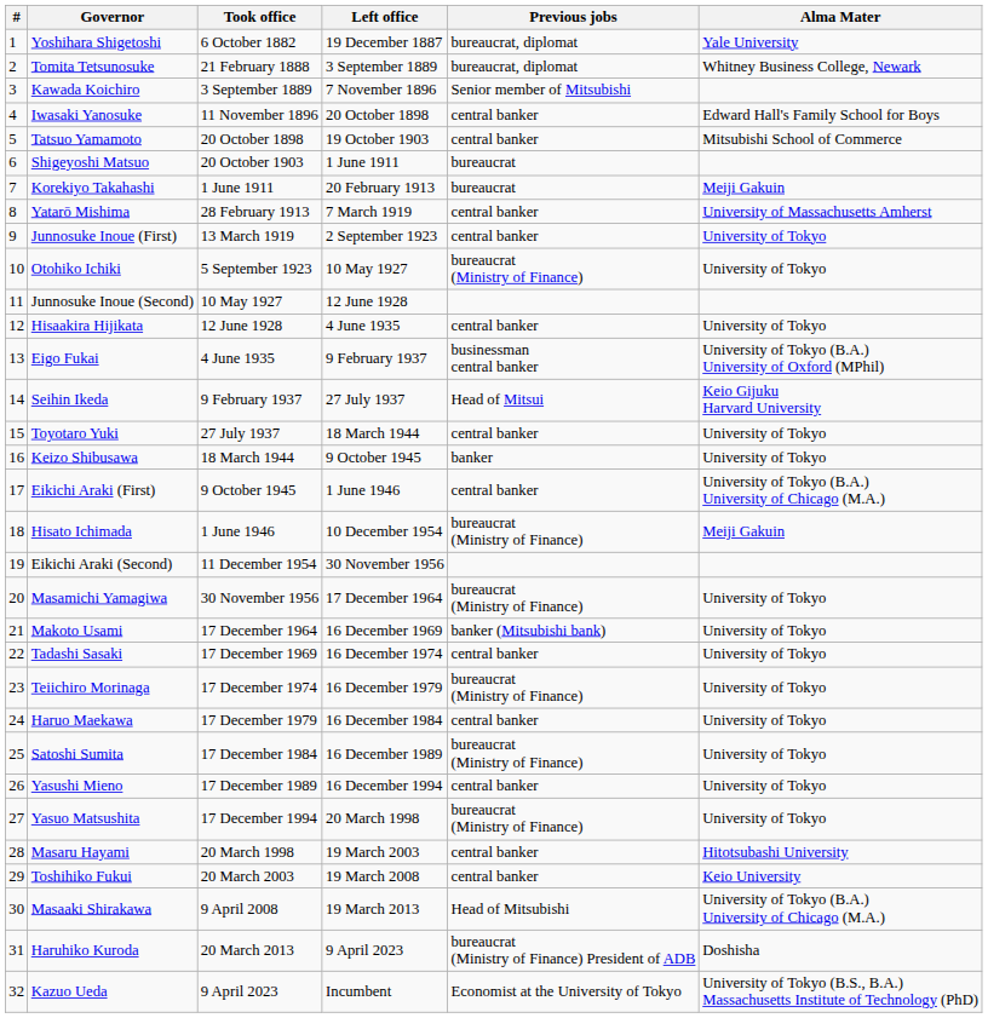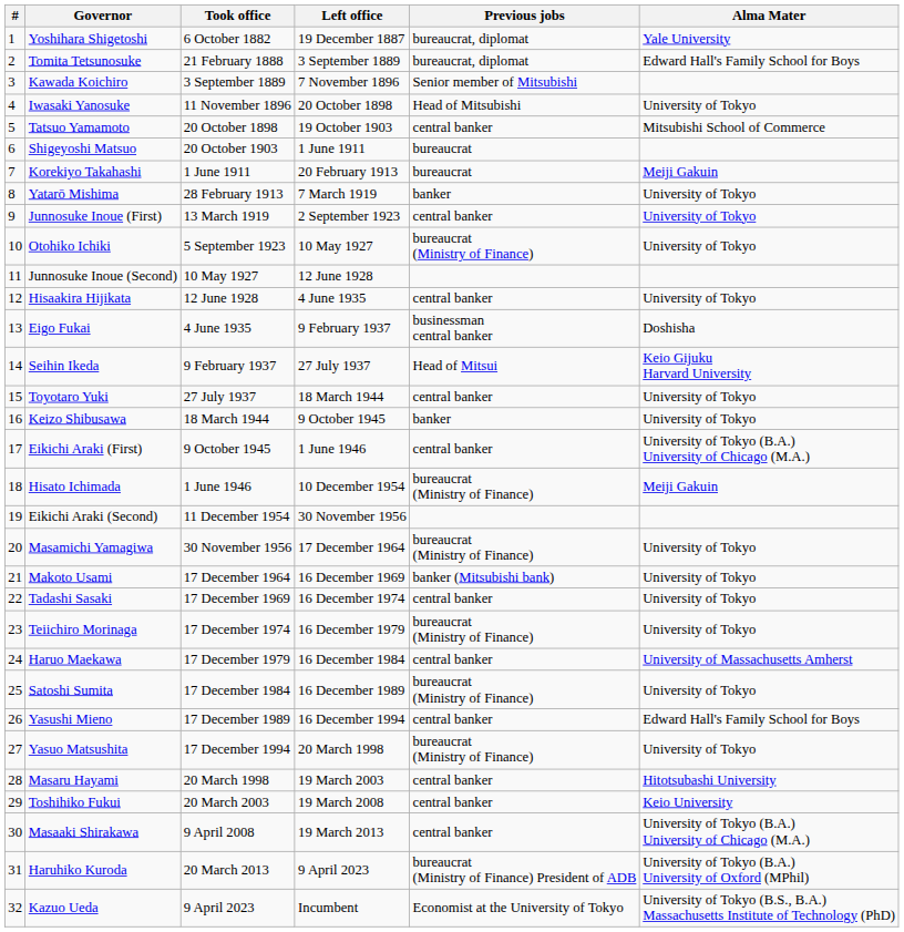 <table class="wikitable sortable">
 <tr>
 <th>#</th>
 <th>Governor</th>
 <th>Took office</th>
 <th>Left office</th>
 <th>Previous jobs</th>
 <th>Alma Mater</th>
 </tr>
 <tr>
 <td>1</td>
 <td><a href='#'>Yoshihara Shigetoshi</a></td>
 <td>6 October 1882</td>
 <td>19 December 1887</td>
 <td>bureaucrat, diplomat</td>
 <td><a href='#'>Yale University</a></td>
 </tr>
 <tr>
 <td>2</td>
 <td><a href='#'>Tomita Tetsunosuke</a></td>
 <td>21 February 1888</td>
 <td>3 September 1889</td>
 <td>bureaucrat, diplomat</td>
-<td>Whitney Business College, <a href='#'>Newark</a></td>
+<td>Edward Hall's Family School for Boys</td>
 </tr>
 <tr>
 <td>3</td>
 <td><a href='#'>Kawada Koichiro</a></td>
 <td>3 September 1889</td>
 <td>7 November 1896</td>
 <td>Senior member of <a href='#'>Mitsubishi</a></td>
 <td></td>
 </tr>
 <tr>
 <td>4</td>
 <td><a href='#'>Iwasaki Yanosuke</a></td>
 <td>11 November 1896</td>
 <td>20 October 1898</td>
-<td>central banker</td>
-<td>Edward Hall's Family School for Boys</td>
+<td>Head of Mitsubishi</td>
+<td>University of Tokyo</td>
 </tr>
 <tr>
 <td>5</td>
 <td><a href='#'>Tatsuo Yamamoto</a></td>
 <td>20 October 1898</td>
 <td>19 October 1903</td>
 <td>central banker</td>
 <td>Mitsubishi School of Commerce</td>
 </tr>
 <tr>
 <td>6</td>
 <td><a href='#'>Shigeyoshi Matsuo</a></td>
 <td>20 October 1903</td>
 <td>1 June 1911</td>
 <td>bureaucrat</td>
 <td></td>
 </tr>
 <tr>
 <td>7</td>
 <td><a href='#'>Korekiyo Takahashi</a></td>
 <td>1 June 1911</td>
 <td>20 February 1913</td>
 <td>bureaucrat</td>
 <td><a href='#'>Meiji Gakuin</a></td>
 </tr>
 <tr>
 <td>8</td>
 <td><a href='#'>Yatarō Mishima</a></td>
 <td>28 February 1913</td>
 <td>7 March 1919</td>
-<td>central banker</td>
-<td><a href='#'>University of Massachusetts Amherst</a></td>
+<td>banker</td>
+<td>University of Tokyo</td>
 </tr>
 <tr>
 <td>9</td>
 <td><a href='#'>Junnosuke Inoue</a> (First)</td>
 <td>13 March 1919</td>
 <td>2 September 1923</td>
 <td>central banker</td>
 <td><a href='#'>University of Tokyo</a></td>
 </tr>
 <tr>
 <td>10</td>
 <td><a href='#'>Otohiko Ichiki</a></td>
 <td>5 September 1923</td>
 <td>10 May 1927</td>
 <td>bureaucrat<br>(<a href='#'>Ministry of Finance</a>)</td>
 <td>University of Tokyo</td>
 </tr>
 <tr>
 <td>11</td>
 <td>Junnosuke Inoue (Second)</td>
 <td>10 May 1927</td>
 <td>12 June 1928</td>
 <td></td>
 <td></td>
 </tr>
 <tr>
 <td>12</td>
 <td><a href='#'>Hisaakira Hijikata</a></td>
 <td>12 June 1928</td>
 <td>4 June 1935</td>
 <td>central banker</td>
 <td>University of Tokyo</td>
 </tr>
 <tr>
 <td>13</td>
 <td><a href='#'>Eigo Fukai</a></td>
 <td>4 June 1935</td>
 <td>9 February 1937</td>
 <td>businessman<br>central banker</td>
-<td>University of Tokyo (B.A.)<br><a href='#'>University of Oxford</a> (MPhil)</td>
+<td>Doshisha</td>
 </tr>
 <tr>
 <td>14</td>
 <td><a href='#'>Seihin Ikeda</a></td>
 <td>9 February 1937</td>
 <td>27 July 1937</td>
 <td>Head of <a href='#'>Mitsui</a></td>
 <td><a href='#'>Keio Gijuku</a><br><a href='#'>Harvard University</a></td>
 </tr>
 <tr>
 <td>15</td>
 <td><a href='#'>Toyotaro Yuki</a></td>
 <td>27 July 1937</td>
 <td>18 March 1944</td>
 <td>central banker</td>
 <td>University of Tokyo</td>
 </tr>
 <tr>
 <td>16</td>
 <td><a href='#'>Keizo Shibusawa</a></td>
 <td>18 March 1944</td>
 <td>9 October 1945</td>
 <td>banker</td>
 <td>University of Tokyo</td>
 </tr>
 <tr>
 <td>17</td>
 <td><a href='#'>Eikichi Araki</a> (First)</td>
 <td>9 October 1945</td>
 <td>1 June 1946</td>
 <td>central banker</td>
 <td>University of Tokyo (B.A.)<br><a href='#'>University of Chicago</a> (M.A.)</td>
 </tr>
 <tr>
 <td>18</td>
 <td><a href='#'>Hisato Ichimada</a></td>
 <td>1 June 1946</td>
 <td>10 December 1954</td>
 <td>bureaucrat<br>(Ministry of Finance)</td>
 <td><a href='#'>Meiji Gakuin</a></td>
 </tr>
 <tr>
 <td>19</td>
 <td>Eikichi Araki (Second)</td>
 <td>11 December 1954</td>
 <td>30 November 1956</td>
 <td></td>
 <td></td>
 </tr>
 <tr>
 <td>20</td>
 <td><a href='#'>Masamichi Yamagiwa</a></td>
 <td>30 November 1956</td>
 <td>17 December 1964</td>
 <td>bureaucrat<br>(Ministry of Finance)</td>
 <td>University of Tokyo</td>
 </tr>
 <tr>
 <td>21</td>
 <td><a href='#'>Makoto Usami</a></td>
 <td>17 December 1964</td>
 <td>16 December 1969</td>
 <td>banker (<a href='#'>Mitsubishi bank</a>)</td>
 <td>University of Tokyo</td>
 </tr>
 <tr>
 <td>22</td>
 <td><a href='#'>Tadashi Sasaki</a></td>
 <td>17 December 1969</td>
 <td>16 December 1974</td>
 <td>central banker</td>
 <td>University of Tokyo</td>
 </tr>
 <tr>
 <td>23</td>
 <td><a href='#'>Teiichiro Morinaga</a></td>
 <td>17 December 1974</td>
 <td>16 December 1979</td>
 <td>bureaucrat<br>(Ministry of Finance)</td>
 <td>University of Tokyo</td>
 </tr>
 <tr>
 <td>24</td>
 <td><a href='#'>Haruo Maekawa</a></td>
 <td>17 December 1979</td>
 <td>16 December 1984</td>
 <td>central banker</td>
-<td>University of Tokyo</td>
+<td><a href='#'>University of Massachusetts Amherst</a></td>
 </tr>
 <tr>
 <td>25</td>
 <td><a href='#'>Satoshi Sumita</a></td>
 <td>17 December 1984</td>
 <td>16 December 1989</td>
 <td>bureaucrat<br>(Ministry of Finance)</td>
 <td>University of Tokyo</td>
 </tr>
 <tr>
 <td>26</td>
 <td><a href='#'>Yasushi Mieno</a></td>
 <td>17 December 1989</td>
 <td>16 December 1994</td>
 <td>central banker</td>
-<td>University of Tokyo</td>
+<td>Edward Hall's Family School for Boys</td>
 </tr>
 <tr>
 <td>27</td>
 <td><a href='#'>Yasuo Matsushita</a></td>
 <td>17 December 1994</td>
 <td>20 March 1998</td>
 <td>bureaucrat<br>(Ministry of Finance)</td>
 <td>University of Tokyo</td>
 </tr>
 <tr>
 <td>28</td>
 <td><a href='#'>Masaru Hayami</a></td>
 <td>20 March 1998</td>
 <td>19 March 2003</td>
 <td>central banker</td>
 <td><a href='#'>Hitotsubashi University</a></td>
 </tr>
 <tr>
 <td>29</td>
 <td><a href='#'>Toshihiko Fukui</a></td>
 <td>20 March 2003</td>
 <td>19 March 2008</td>
 <td>central banker</td>
 <td><a href='#'>Keio University</a></td>
 </tr>
 <tr>
 <td>30</td>
 <td><a href='#'>Masaaki Shirakawa</a></td>
 <td>9 April 2008</td>
 <td>19 March 2013</td>
-<td>Head of Mitsubishi</td>
+<td>central banker</td>
 <td>University of Tokyo (B.A.)<br><a href='#'>University of Chicago</a> (M.A.)</td>
 </tr>
 <tr>
 <td>31</td>
 <td><a href='#'>Haruhiko Kuroda</a></td>
 <td>20 March 2013</td>
 <td>9 April 2023</td>
 <td>bureaucrat<br>(Ministry of Finance) President of <a href='#'>ADB</a></td>
-<td>Doshisha</td>
+<td>University of Tokyo (B.A.)<br><a href='#'>University of Oxford</a> (MPhil)</td>
 </tr>
 <tr>
 <td>32</td>
 <td><a href='#'>Kazuo Ueda</a></td>
 <td>9 April 2023</td>
 <td>Incumbent</td>
 <td>Economist at the University of Tokyo</td>
 <td>University of Tokyo (B.S., B.A.)<br><a href='#'>Massachusetts Institute of Technology</a> (PhD)</td>
 </tr>
 </table>
